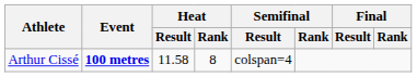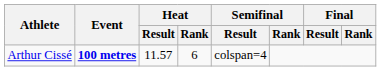 <table class="wikitable" style="font-size:90%">
 <tr>
 <th rowspan="2">Athlete</th>
 <th rowspan="2">Event</th>
 <th colspan="2">Heat</th>
 <th colspan="2">Semifinal</th>
 <th colspan="2">Final</th>
 </tr>
 <tr style="font-size:95%">
 <th>Result</th>
 <th>Rank</th>
 <th>Result</th>
 <th>Rank</th>
 <th>Result</th>
 <th>Rank</th>
 </tr>
 <tr align=center>
 <td align=left><a href='#'>Arthur Cissé</a></td>
 <td align=left><strong><a href='#'>100 metres</a></strong></td>
-<td>11.58</td>
-<td>8</td>
+<td>11.57</td>
+<td>6</td>
 <td>colspan=4 </td>
 </tr>
 </table>
